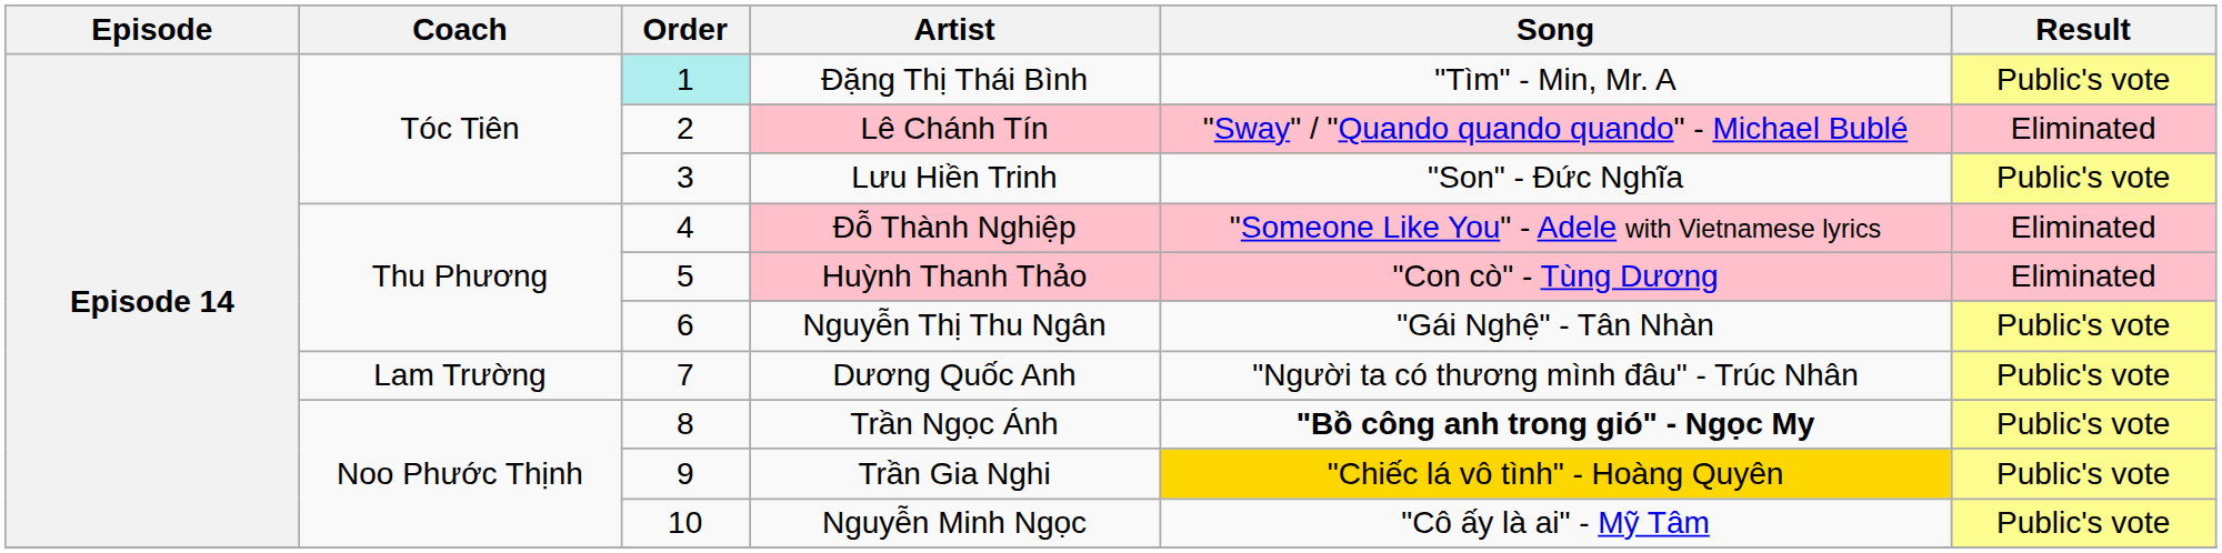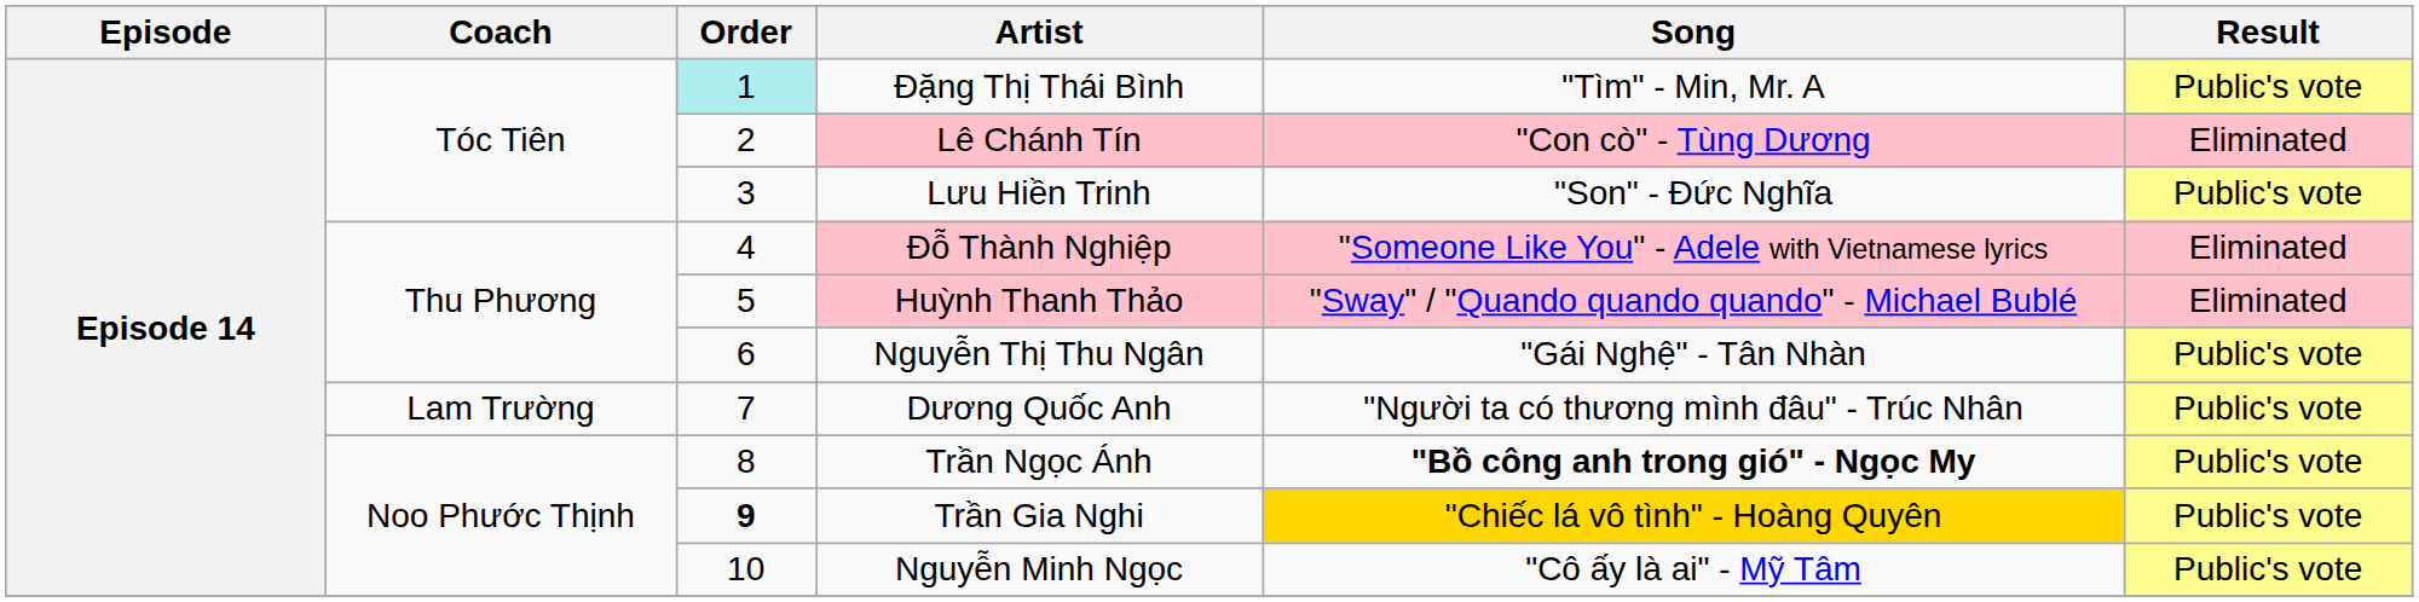 <table class="wikitable" style="text-align:center; width:90%;">
 <tr>
 <th style="width:10%;">Episode</th>
 <th style="width:11%;">Coach</th>
 <th style="width:04%;">Order</th>
 <th style="width:14%;">Artist</th>
 <th style="width:27%;">Song</th>
 <th style="width:09%;">Result</th>
 </tr>
 <tr>
 <th rowspan="10" scope="row">Episode 14<br><small></small></th>
 <td rowspan="3">Tóc Tiên</td>
 <td style="background: paleturquoise;">1</td>
 <td>Đặng Thị Thái Bình</td>
 <td>"Tìm" - Min, Mr. A</td>
 <td style="background:#fdfc8f;">Public's vote</td>
 </tr>
 <tr>
 <td>2</td>
 <td style="background:pink;">Lê Chánh Tín</td>
-<td style="background:pink;">"<a href='#'>Sway</a>" / "<a href='#'>Quando quando quando</a>" - <a href='#'>Michael Bublé</a></td>
+<td style="background:pink;">"Con cò" - <a href='#'>Tùng Dương</a></td>
 <td style="background:pink;">Eliminated</td>
 </tr>
 <tr>
 <td>3</td>
 <td>Lưu Hiền Trinh</td>
 <td>"Son" - Đức Nghĩa</td>
 <td style="background:#fdfc8f;">Public's vote</td>
 </tr>
 <tr>
 <td rowspan="3">Thu Phương</td>
 <td>4</td>
 <td style="background:pink;">Đỗ Thành Nghiệp</td>
 <td style="background:pink;">"<a href='#'>Someone Like You</a>" - <a href='#'>Adele</a> <small>with Vietnamese lyrics</small></td>
 <td style="background:pink;">Eliminated</td>
 </tr>
 <tr>
 <td>5</td>
 <td style="background:pink;">Huỳnh Thanh Thảo</td>
-<td style="background:pink;">"Con cò" - <a href='#'>Tùng Dương</a></td>
+<td style="background:pink;">"<a href='#'>Sway</a>" / "<a href='#'>Quando quando quando</a>" - <a href='#'>Michael Bublé</a></td>
 <td style="background:pink;">Eliminated</td>
 </tr>
 <tr>
 <td>6</td>
 <td>Nguyễn Thị Thu Ngân</td>
 <td>"Gái Nghệ" - Tân Nhàn</td>
 <td style="background:#fdfc8f;">Public's vote</td>
 </tr>
 <tr>
 <td>Lam Trường</td>
 <td>7</td>
 <td>Dương Quốc Anh</td>
 <td>"Người ta có thương mình đâu" - Trúc Nhân</td>
 <td style="background:#fdfc8f;">Public's vote</td>
 </tr>
 <tr>
 <td rowspan="3">Noo Phước Thịnh</td>
 <td>8</td>
 <td>Trần Ngọc Ánh</td>
 <td><strong>"Bồ công anh trong gió" - Ngọc My</strong></td>
 <td style="background:#fdfc8f;">Public's vote</td>
 </tr>
 <tr>
-<td>9</td>
+<td><strong>9</strong></td>
 <td>Trần Gia Nghi</td>
 <td style="background: gold;">"Chiếc lá vô tình" - Hoàng Quyên</td>
 <td style="background:#fdfc8f;">Public's vote</td>
 </tr>
 <tr>
 <td>10</td>
 <td>Nguyễn Minh Ngọc</td>
 <td>"Cô ấy là ai" - <a href='#'>Mỹ Tâm</a></td>
 <td style="background:#fdfc8f;">Public's vote</td>
 </tr>
 <tr>
 </tr>
 </table>
